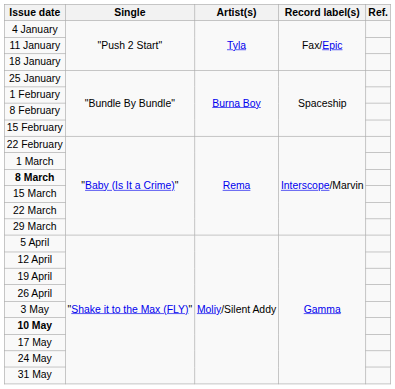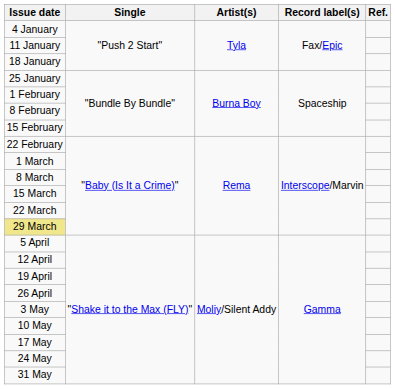 <table class="wikitable plainrowheaders" style="text-align:center">
 <tr>
 <th scope="col">Issue date</th>
 <th scope="col">Single</th>
 <th scope="col">Artist(s)</th>
 <th scope="col">Record label(s)</th>
 <th scope="col">Ref.</th>
 </tr>
 <tr>
 <td>4 January</td>
 <td rowspan=3>"Push 2 Start"</td>
 <td rowspan=3><a href='#'>Tyla</a></td>
 <td rowspan=3>Fax/<a href='#'>Epic</a></td>
 <td></td>
 </tr>
 <tr>
 <td>11 January</td>
 <td></td>
 </tr>
 <tr>
 <td>18 January</td>
 <td></td>
 </tr>
 <tr>
 <td>25 January</td>
 <td rowspan=4>"Bundle By Bundle"</td>
 <td rowspan=4><a href='#'>Burna Boy</a></td>
 <td rowspan=4>Spaceship</td>
 <td></td>
 </tr>
 <tr>
 <td>1 February</td>
 <td></td>
 </tr>
 <tr>
 <td>8 February</td>
 <td></td>
 </tr>
 <tr>
 <td>15 February</td>
 <td></td>
 </tr>
 <tr>
 <td>22 February</td>
 <td rowspan=6>"<a href='#'>Baby (Is It a Crime)</a>"</td>
 <td rowspan=6><a href='#'>Rema</a></td>
 <td rowspan=6><a href='#'>Interscope</a>/Marvin</td>
 <td></td>
 </tr>
 <tr>
 <td>1 March</td>
 <td></td>
 </tr>
 <tr>
-<td><strong>8 March</strong></td>
+<td>8 March</td>
 <td></td>
 </tr>
 <tr>
 <td>15 March</td>
 <td></td>
 </tr>
 <tr>
 <td>22 March</td>
 <td></td>
 </tr>
 <tr>
-<td>29 March</td>
+<td style="background: khaki;">29 March</td>
 <td></td>
 </tr>
 <tr>
 <td>5 April</td>
 <td rowspan=9>"<a href='#'>Shake it to the Max (FLY)</a>"</td>
 <td rowspan=9><a href='#'>Moliy</a>/Silent Addy</td>
 <td rowspan=9><a href='#'>Gamma</a></td>
 <td></td>
 </tr>
 <tr>
 <td>12 April</td>
 <td></td>
 </tr>
 <tr>
 <td>19 April</td>
 <td></td>
 </tr>
 <tr>
 <td>26 April</td>
 <td></td>
 </tr>
 <tr>
 <td>3 May</td>
 <td></td>
 </tr>
 <tr>
-<td><strong>10 May</strong></td>
+<td>10 May</td>
 <td></td>
 </tr>
 <tr>
 <td>17 May</td>
 <td></td>
 </tr>
 <tr>
 <td>24 May</td>
 <td></td>
 </tr>
 <tr>
 <td>31 May</td>
 <td></td>
 </tr>
 </table>
